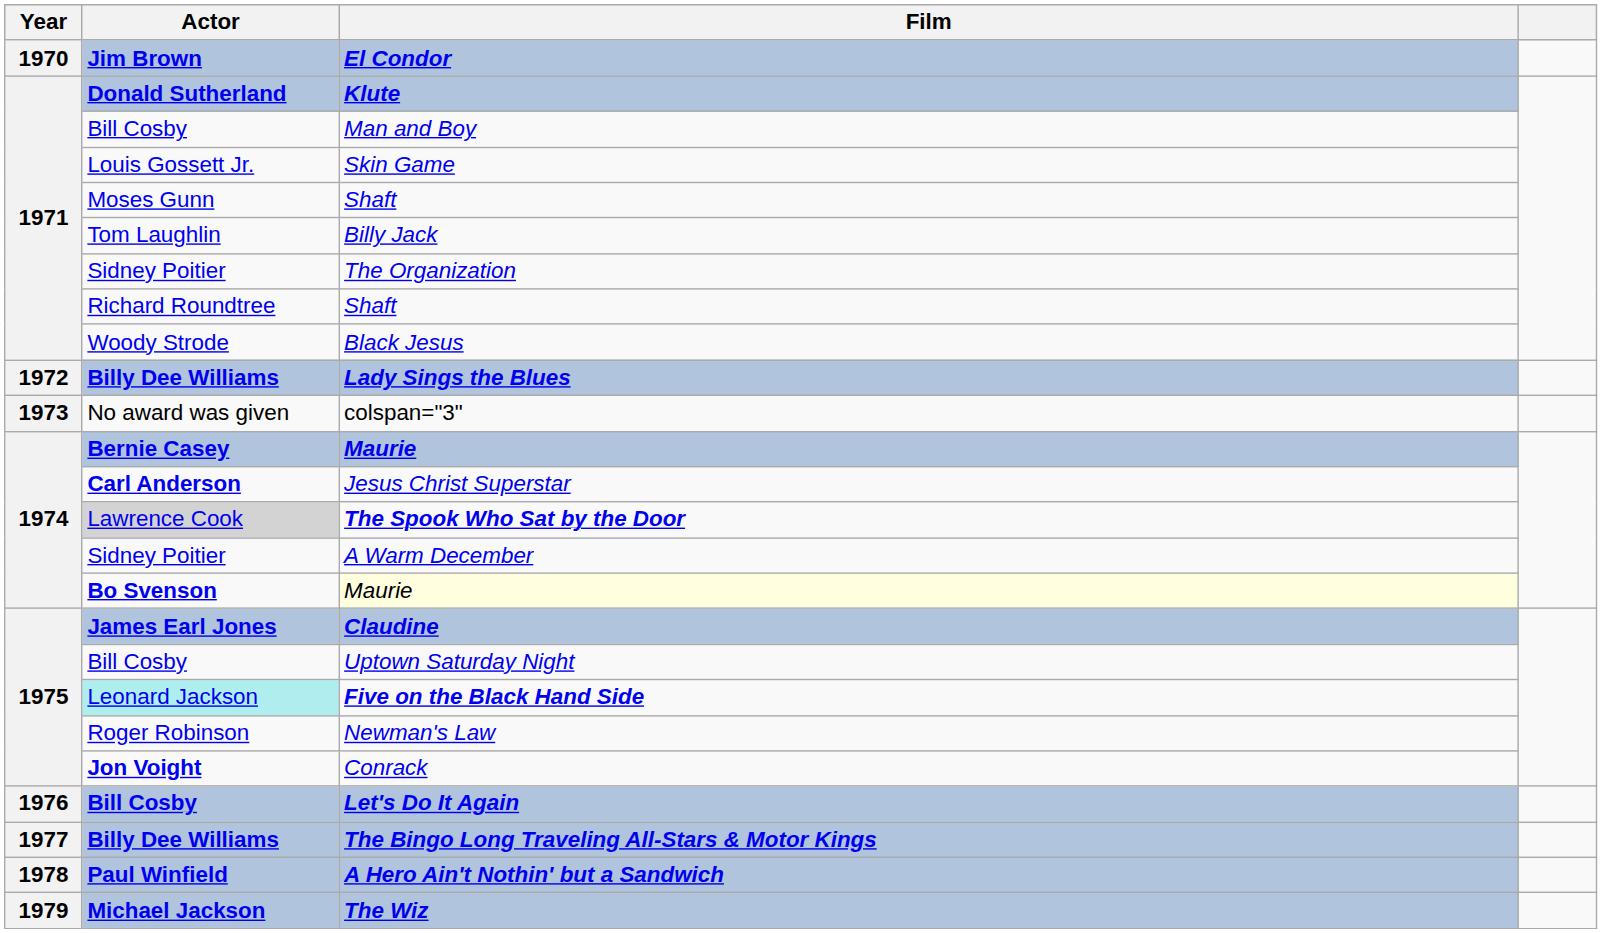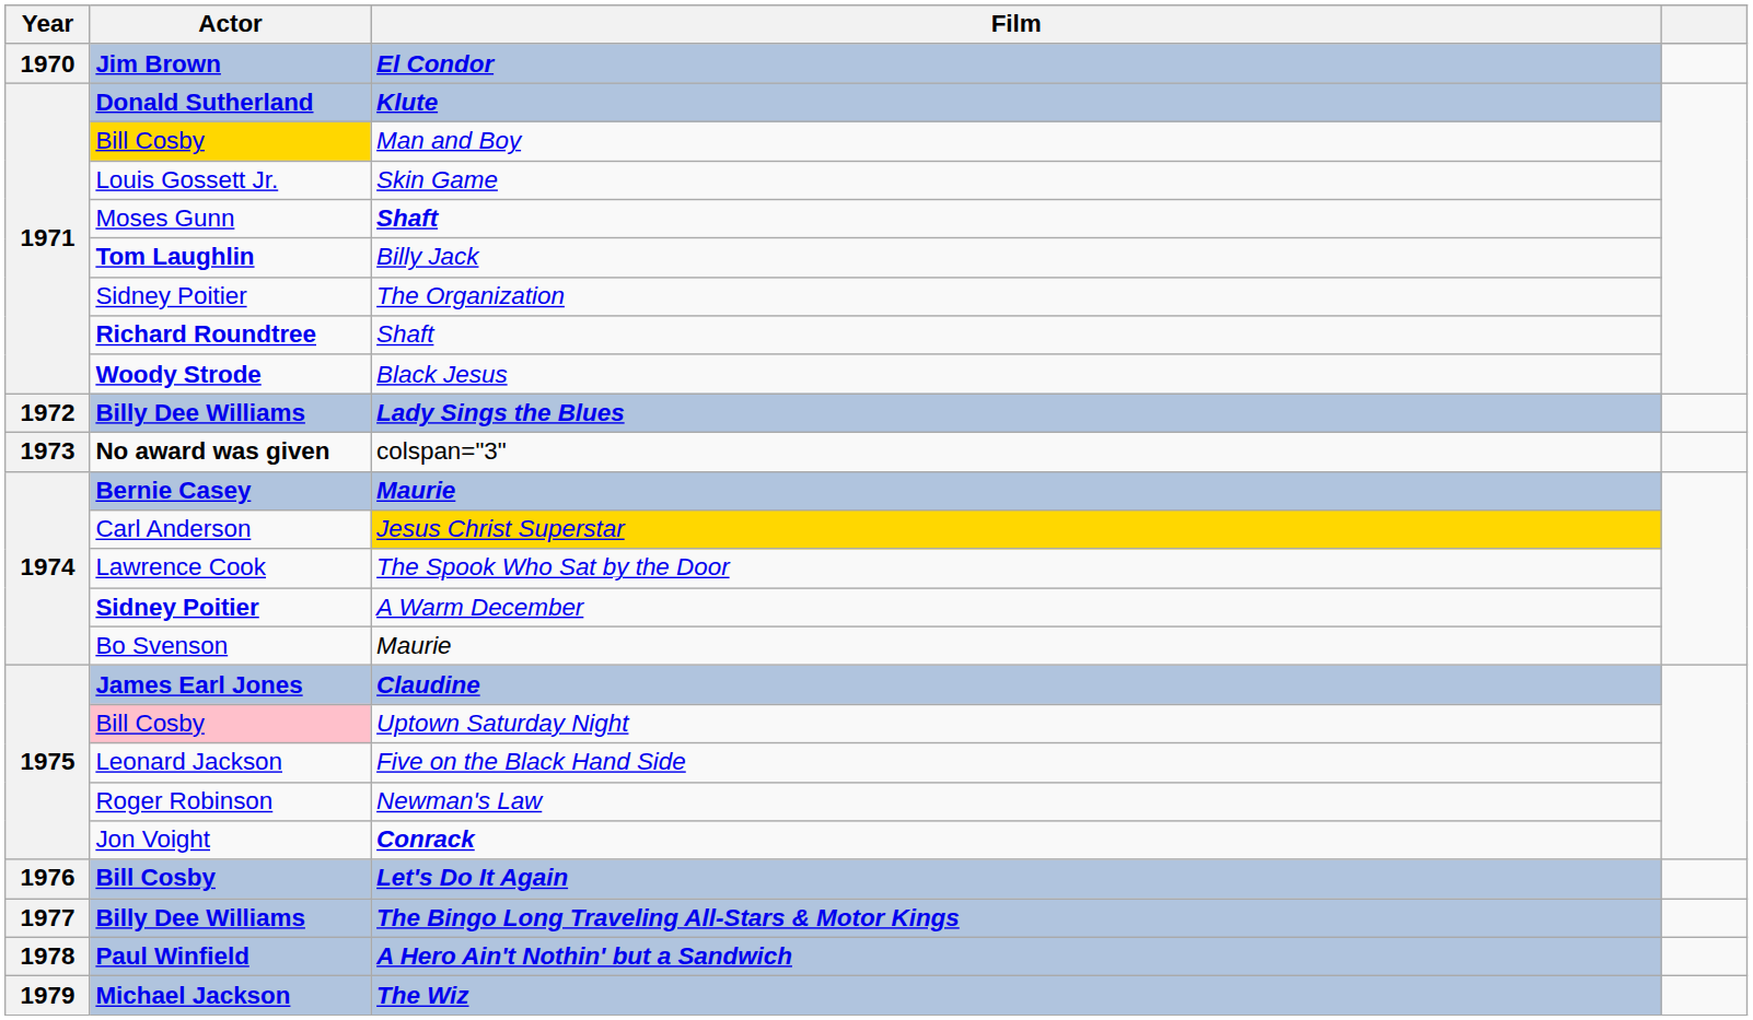 <table class="wikitable" style="width:90%;">
 <tr style="background:#bebebe;">
 <th scope="col" style="width:3em;">Year</th>
 <th scope="col" style="width:11em;">Actor</th>
 <th scope="col">Film</th>
 <th scope="col" style="width:3em;"></th>
 </tr>
 <tr>
 <th scope="row">1970</th>
 <td style="background:#B0C4DE; font-weight:bold;"><a href='#'>Jim Brown</a></td>
 <td style="background:#B0C4DE; font-weight:bold;"><em><a href='#'>El Condor</a></em></td>
 <td style="text-align:center;"></td>
 </tr>
 <tr>
 <th scope="row" rowspan="8" style="text-align:center;">1971</th>
 <td style="background:#B0C4DE; font-weight:bold;"><a href='#'>Donald Sutherland</a></td>
 <td style="background:#B0C4DE; font-weight:bold;"><em><a href='#'>Klute</a></em></td>
 <td rowspan="8" style="text-align:center;"></td>
 </tr>
 <tr>
-<td><a href='#'>Bill Cosby</a></td>
+<td style="background: gold;"><a href='#'>Bill Cosby</a></td>
 <td><em><a href='#'>Man and Boy</a></em></td>
 </tr>
 <tr>
 <td><a href='#'>Louis Gossett Jr.</a></td>
 <td><em><a href='#'>Skin Game</a></em></td>
 </tr>
 <tr>
 <td><a href='#'>Moses Gunn</a></td>
-<td><em><a href='#'>Shaft</a></em></td>
+<td><strong><em><a href='#'>Shaft</a></em></strong></td>
 </tr>
 <tr>
-<td><a href='#'>Tom Laughlin</a></td>
+<td><strong><a href='#'>Tom Laughlin</a></strong></td>
 <td><em><a href='#'>Billy Jack</a></em></td>
 </tr>
 <tr>
 <td><a href='#'>Sidney Poitier</a></td>
 <td><em><a href='#'>The Organization</a></em></td>
 </tr>
 <tr>
-<td><a href='#'>Richard Roundtree</a></td>
+<td><strong><a href='#'>Richard Roundtree</a></strong></td>
 <td><em><a href='#'>Shaft</a></em></td>
 </tr>
 <tr>
-<td><a href='#'>Woody Strode</a></td>
+<td><strong><a href='#'>Woody Strode</a></strong></td>
 <td><em><a href='#'>Black Jesus</a></em></td>
 </tr>
 <tr>
 <th scope="row">1972</th>
 <td style="background:#B0C4DE; font-weight:bold;"><a href='#'>Billy Dee Williams</a></td>
 <td style="background:#B0C4DE; font-weight:bold;"><em><a href='#'>Lady Sings the Blues</a></em></td>
 <td style="text-align:center;"></td>
 </tr>
 <tr>
 <th scope="row">1973</th>
-<td>No award was given</td>
+<td><strong>No award was given</strong></td>
 <td>colspan="3" </td>
 </tr>
 <tr>
 <th scope="row" rowspan="5" style="text-align:center;">1974</th>
 <td style="background:#B0C4DE; font-weight:bold;"><a href='#'>Bernie Casey</a></td>
 <td style="background:#B0C4DE; font-weight:bold;"><em><a href='#'>Maurie</a></em></td>
 <td rowspan="5" style="text-align:center;"></td>
 </tr>
 <tr>
-<td><strong><a href='#'>Carl Anderson</a></strong></td>
-<td><em><a href='#'>Jesus Christ Superstar</a></em></td>
+<td><a href='#'>Carl Anderson</a></td>
+<td style="background: gold;"><em><a href='#'>Jesus Christ Superstar</a></em></td>
 </tr>
 <tr>
-<td style="background: lightgrey;"><a href='#'>Lawrence Cook</a></td>
-<td><strong><em><a href='#'>The Spook Who Sat by the Door</a></em></strong></td>
+<td><a href='#'>Lawrence Cook</a></td>
+<td><em><a href='#'>The Spook Who Sat by the Door</a></em></td>
 </tr>
 <tr>
-<td><a href='#'>Sidney Poitier</a></td>
+<td><strong><a href='#'>Sidney Poitier</a></strong></td>
 <td><em><a href='#'>A Warm December</a></em></td>
 </tr>
 <tr>
-<td><strong><a href='#'>Bo Svenson</a></strong></td>
-<td style="background: lightyellow;"><em>Maurie</em></td>
+<td><a href='#'>Bo Svenson</a></td>
+<td><em>Maurie</em></td>
 </tr>
 <tr>
 <th scope="row" rowspan="5" style="text-align:center;">1975</th>
 <td style="background:#B0C4DE; font-weight:bold;"><a href='#'>James Earl Jones</a></td>
 <td style="background:#B0C4DE; font-weight:bold;"><em><a href='#'>Claudine</a></em></td>
 <td rowspan="5" style="text-align:center;"></td>
 </tr>
 <tr>
-<td><a href='#'>Bill Cosby</a></td>
+<td style="background: pink;"><a href='#'>Bill Cosby</a></td>
 <td><em><a href='#'>Uptown Saturday Night</a></em></td>
 </tr>
 <tr>
-<td style="background: paleturquoise;"><a href='#'>Leonard Jackson</a></td>
-<td><strong><em><a href='#'>Five on the Black Hand Side</a></em></strong></td>
+<td><a href='#'>Leonard Jackson</a></td>
+<td><em><a href='#'>Five on the Black Hand Side</a></em></td>
 </tr>
 <tr>
 <td><a href='#'>Roger Robinson</a></td>
 <td><em><a href='#'>Newman's Law</a></em></td>
 </tr>
 <tr>
-<td><strong><a href='#'>Jon Voight</a></strong></td>
-<td><em><a href='#'>Conrack</a></em></td>
+<td><a href='#'>Jon Voight</a></td>
+<td><strong><em><a href='#'>Conrack</a></em></strong></td>
 </tr>
 <tr>
 <th scope="row">1976</th>
 <td style="background:#B0C4DE; font-weight:bold;"><a href='#'>Bill Cosby</a></td>
 <td style="background:#B0C4DE; font-weight:bold;"><em><a href='#'>Let's Do It Again</a></em></td>
 <td style="text-align:center;"></td>
 </tr>
 <tr>
 <th scope="row">1977</th>
 <td style="background:#B0C4DE; font-weight:bold;"><a href='#'>Billy Dee Williams</a></td>
 <td style="background:#B0C4DE; font-weight:bold;"><em><a href='#'>The Bingo Long Traveling All-Stars & Motor Kings</a></em></td>
 <td style="text-align:center;"></td>
 </tr>
 <tr>
 <th scope="row">1978</th>
 <td style="background:#B0C4DE; font-weight:bold;"><a href='#'>Paul Winfield</a></td>
 <td style="background:#B0C4DE; font-weight:bold;"><em><a href='#'>A Hero Ain't Nothin' but a Sandwich</a></em></td>
 <td style="text-align:center;"></td>
 </tr>
 <tr>
 <th scope="row">1979</th>
 <td style="background:#B0C4DE; font-weight:bold;"><a href='#'>Michael Jackson</a></td>
 <td style="background:#B0C4DE; font-weight:bold;"><em><a href='#'>The Wiz</a></em></td>
 <td style="text-align:center;"></td>
 </tr>
 </table>
